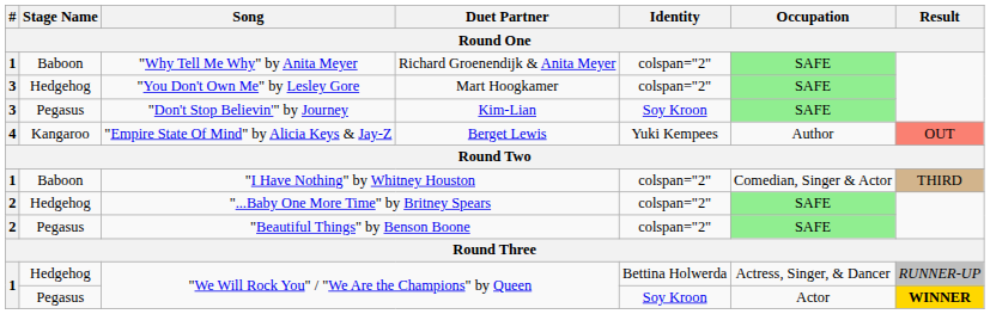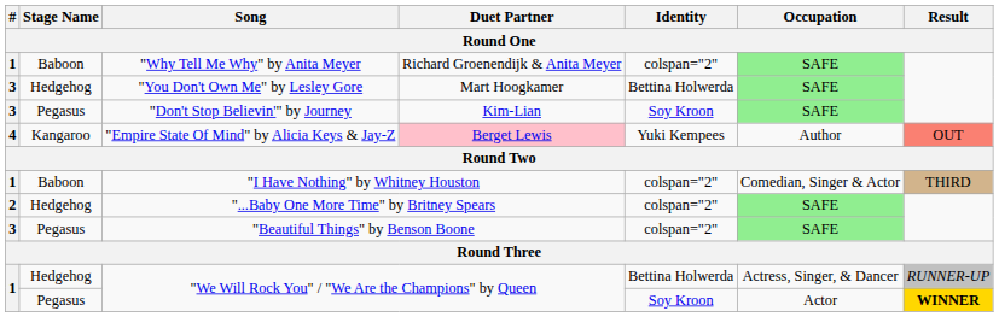 <table class="wikitable plainrowheaders" style="text-align: center;">
 <tr>
 <th><strong>#</strong></th>
 <th><strong>Stage Name</strong></th>
 <th><strong>Song</strong></th>
 <th><strong>Duet Partner</strong></th>
 <th>Identity</th>
 <th><strong>Occupation</strong></th>
 <th>Result</th>
 </tr>
 <tr>
 <th colspan="7">Round One</th>
 </tr>
 <tr>
 <th>1</th>
 <td>Baboon</td>
 <td>"<a href='#'>Why Tell Me Why</a>" by <a href='#'>Anita Meyer</a></td>
 <td>Richard Groenendijk & <a href='#'>Anita Meyer</a></td>
 <td>colspan="2" </td>
 <td bgcolor="lightgreen">SAFE</td>
 </tr>
 <tr>
 <th>3</th>
 <td>Hedgehog</td>
 <td>"<a href='#'>You Don't Own Me</a>" by <a href='#'>Lesley Gore</a></td>
 <td>Mart Hoogkamer</td>
-<td>colspan="2" </td>
+<td>Bettina Holwerda</td>
 <td bgcolor="lightgreen">SAFE</td>
 </tr>
 <tr>
 <th>3</th>
 <td>Pegasus</td>
 <td>"<a href='#'>Don't Stop Believin'</a>" by <a href='#'>Journey</a></td>
 <td><a href='#'>Kim-Lian</a></td>
 <td><a href='#'>Soy Kroon</a></td>
 <td bgcolor="lightgreen">SAFE</td>
 </tr>
 <tr>
 <th>4</th>
 <td>Kangaroo</td>
 <td>"<a href='#'>Empire State Of Mind</a>" by <a href='#'>Alicia Keys</a> & <a href='#'>Jay-Z</a></td>
-<td><a href='#'>Berget Lewis</a></td>
+<td style="background: pink;"><a href='#'>Berget Lewis</a></td>
 <td>Yuki Kempees</td>
 <td>Author</td>
 <td bgcolor="salmon">OUT</td>
 </tr>
 <tr>
 <th colspan="7">Round Two</th>
 </tr>
 <tr>
 <th>1</th>
 <td>Baboon</td>
 <td colspan="2">"<a href='#'>I Have Nothing</a>" by <a href='#'>Whitney Houston</a></td>
 <td>colspan="2" </td>
 <td>Comedian, Singer & Actor</td>
 <td bgcolor="tan">THIRD</td>
 </tr>
 <tr>
 <th>2</th>
 <td>Hedgehog</td>
 <td colspan="2">"<a href='#'>...Baby One More Time</a>" by <a href='#'>Britney Spears</a></td>
 <td>colspan="2" </td>
 <td bgcolor="lightgreen">SAFE</td>
 </tr>
 <tr>
-<th>2</th>
+<th>3</th>
 <td>Pegasus</td>
 <td colspan="2">"<a href='#'>Beautiful Things</a>" by <a href='#'>Benson Boone</a></td>
 <td>colspan="2" </td>
 <td bgcolor="lightgreen">SAFE</td>
 </tr>
 <tr>
 <th colspan="7">Round Three</th>
 </tr>
 <tr>
 <th rowspan="2">1</th>
 <td>Hedgehog</td>
 <td rowspan="2" colspan="2">"<a href='#'>We Will Rock You</a>" / "<a href='#'>We Are the Champions</a>" by <a href='#'>Queen</a></td>
 <td>Bettina Holwerda</td>
 <td>Actress, Singer, & Dancer</td>
 <td bgcolor="silver"><em>RUNNER-UP</em></td>
 </tr>
 <tr>
 <td>Pegasus</td>
 <td><a href='#'>Soy Kroon</a></td>
 <td>Actor</td>
 <td bgcolor="gold"><strong>WINNER</strong></td>
 </tr>
 </table>
